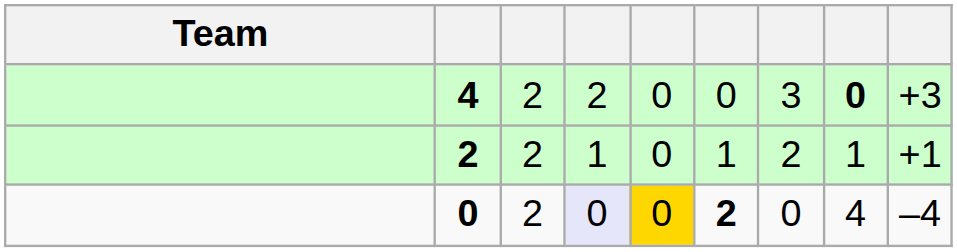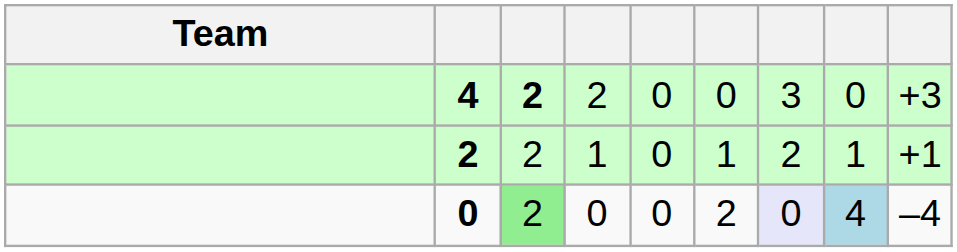 <table class="wikitable" style="text-align:center">
 <tr>
 <th width="175">Team</th>
 <th width="20"></th>
 <th width="20"></th>
 <th width="20"></th>
 <th width="20"></th>
 <th width="20"></th>
 <th width="20"></th>
 <th width="20"></th>
 <th width="20"></th>
 </tr>
 <tr bgcolor=#CCFFCC>
 <td align=left></td>
 <td><strong>4</strong></td>
-<td>2</td>
+<td><strong>2</strong></td>
 <td>2</td>
 <td>0</td>
 <td>0</td>
 <td>3</td>
-<td><strong>0</strong></td>
+<td>0</td>
 <td>+3</td>
 </tr>
 <tr bgcolor=#CCFFCC>
 <td align=left></td>
 <td><strong>2</strong></td>
 <td>2</td>
 <td>1</td>
 <td>0</td>
 <td>1</td>
 <td>2</td>
 <td>1</td>
 <td>+1</td>
 </tr>
 <tr>
 <td align=left></td>
 <td><strong>0</strong></td>
+<td style="background: lightgreen;">2</td>
+<td>0</td>
+<td>0</td>
 <td>2</td>
 <td style="background: lavender;">0</td>
-<td style="background: gold;">0</td>
-<td><strong>2</strong></td>
-<td>0</td>
-<td>4</td>
+<td style="background: lightblue;">4</td>
 <td>–4</td>
 </tr>
 </table>
